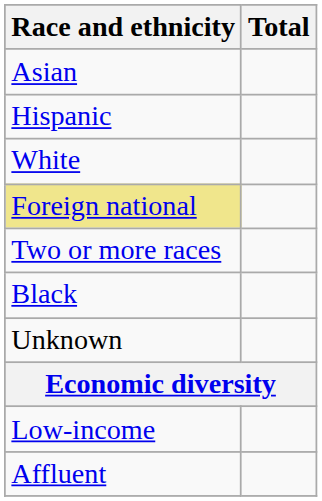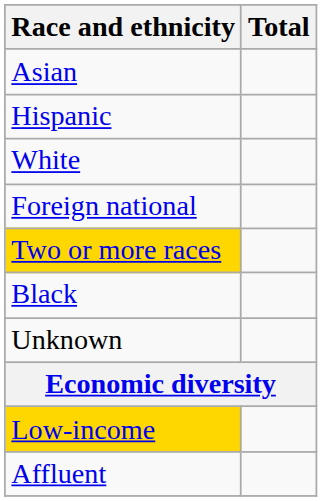 <table class="wikitable floatright sortable collapsible"; text-align:right; font-size:80%;">
 <tr>
 <th>Race and ethnicity</th>
 <th colspan="2" data-sort-type=number>Total</th>
 </tr>
 <tr>
 <td><a href='#'>Asian</a></td>
 <td align=right></td>
 </tr>
 <tr>
 <td><a href='#'>Hispanic</a></td>
 <td align=right></td>
 </tr>
 <tr>
 <td><a href='#'>White</a></td>
 <td align=right></td>
 </tr>
 <tr>
-<td style="background: khaki;"><a href='#'>Foreign national</a></td>
+<td><a href='#'>Foreign national</a></td>
 <td align=right></td>
 </tr>
 <tr>
-<td><a href='#'>Two or more races</a></td>
+<td style="background: gold;"><a href='#'>Two or more races</a></td>
 <td align=right></td>
 </tr>
 <tr>
 <td><a href='#'>Black</a></td>
 <td align=right></td>
 </tr>
 <tr>
 <td>Unknown</td>
 <td align=right></td>
 </tr>
 <tr>
 <th colspan="4" data-sort-type=number><a href='#'>Economic diversity</a></th>
 </tr>
 <tr>
-<td><a href='#'>Low-income</a></td>
+<td style="background: gold;"><a href='#'>Low-income</a></td>
 <td align=right></td>
 </tr>
 <tr>
 <td><a href='#'>Affluent</a></td>
 <td align=right></td>
 </tr>
 </table>
